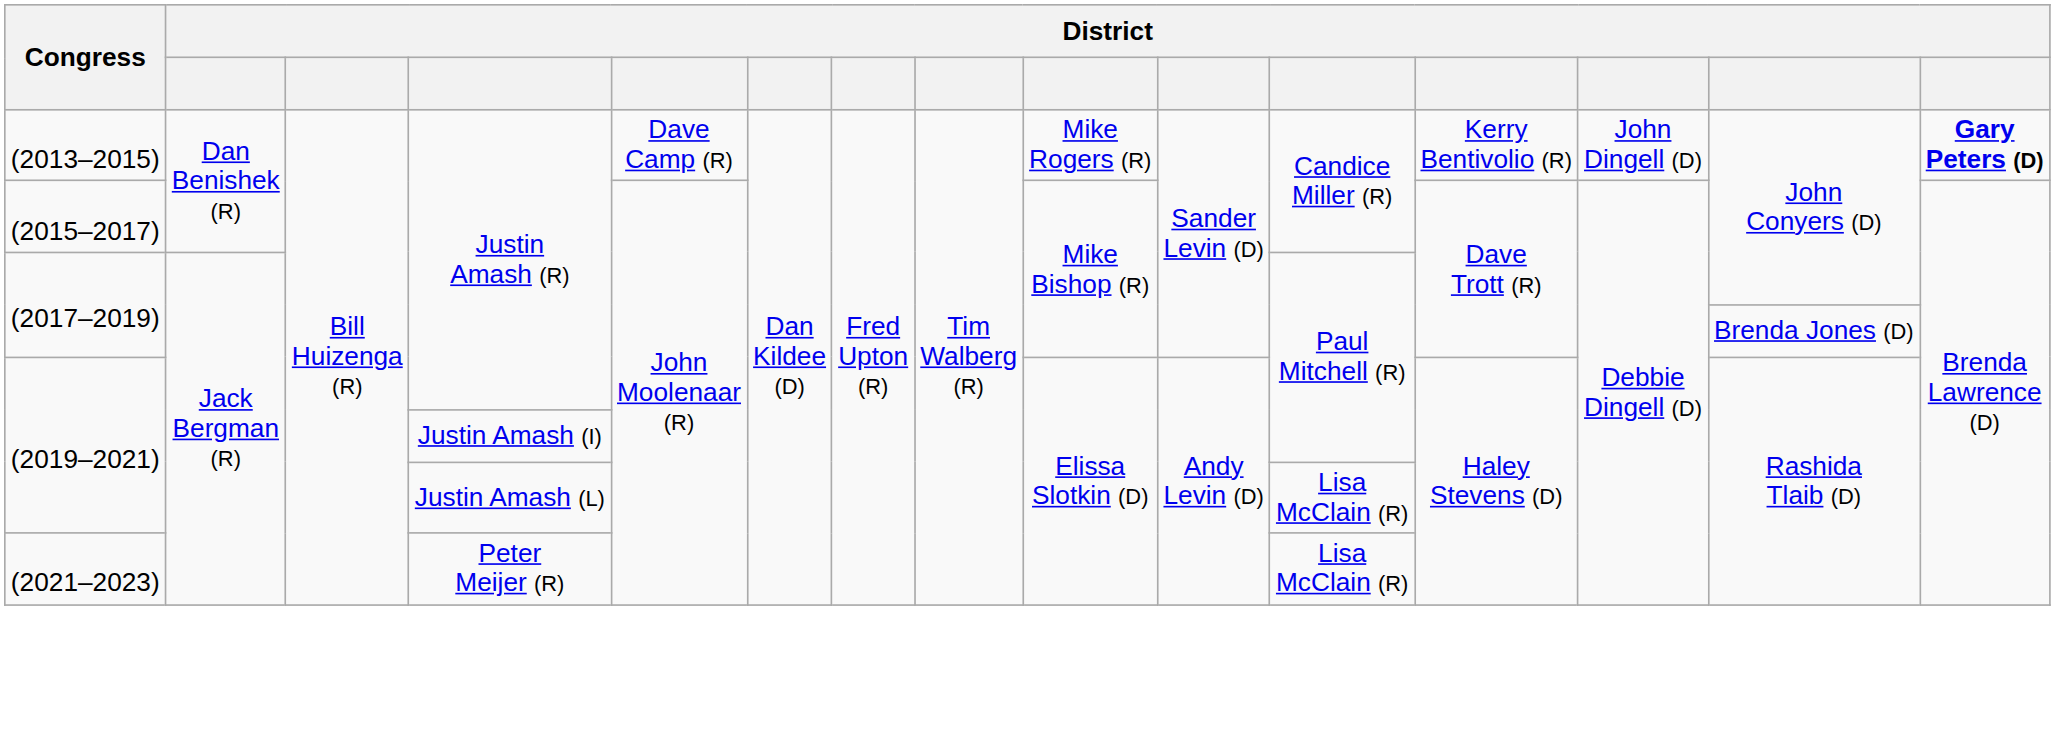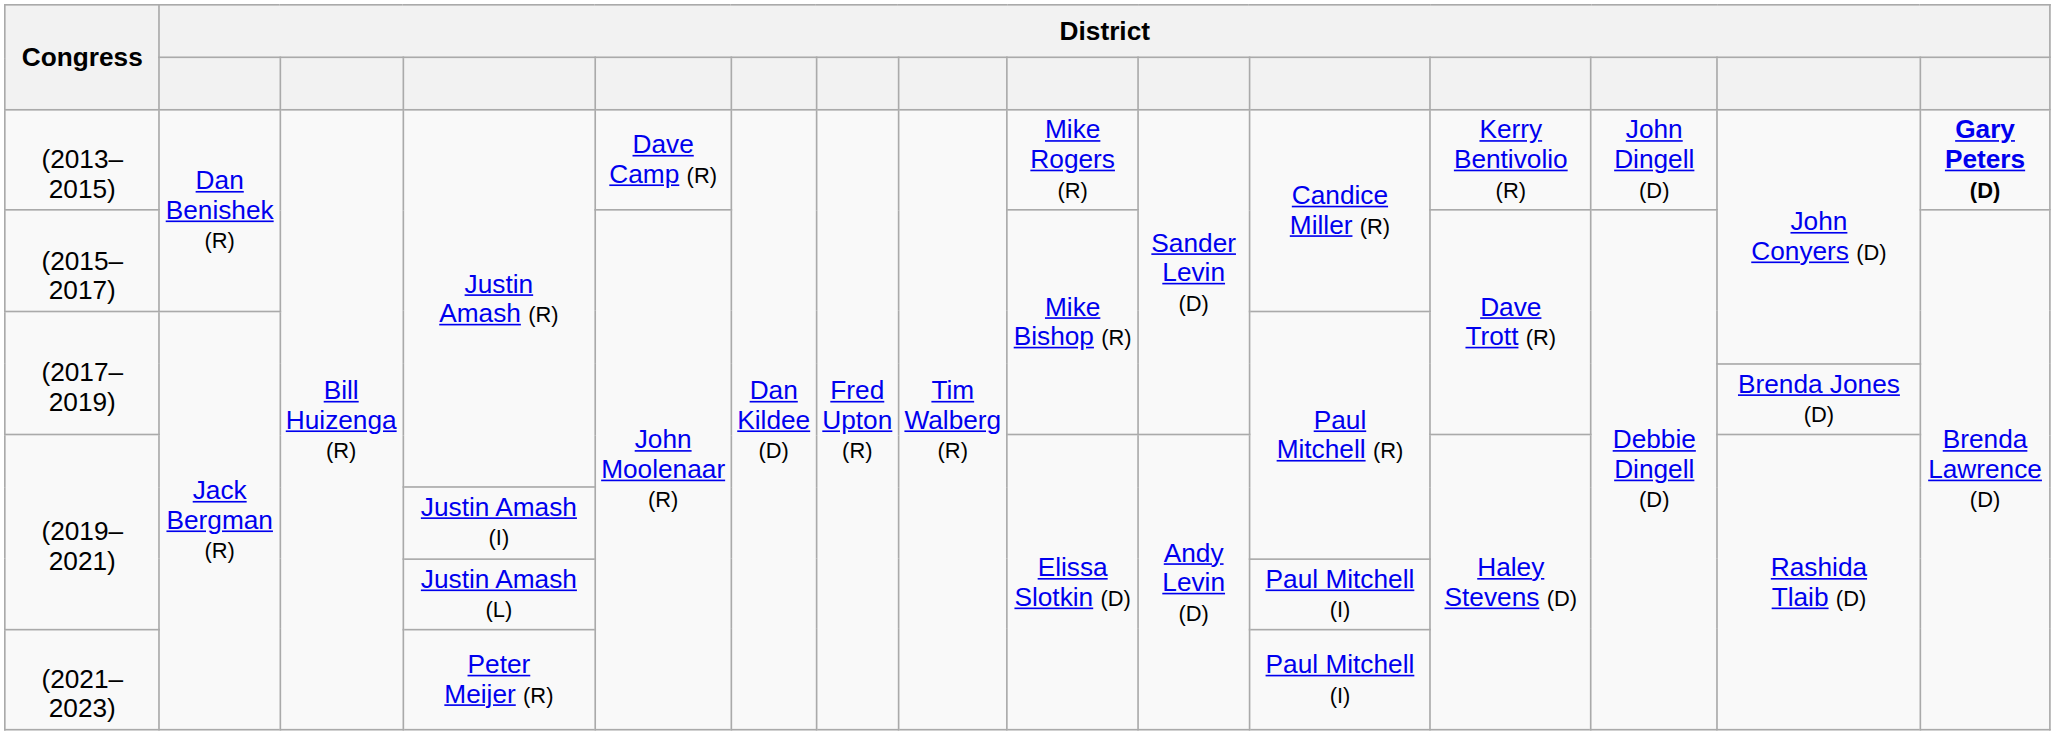 <table class=wikitable style="text-align:center">
 <tr style="height:2em">
 <th rowspan=2>Cong­ress</th>
 <th colspan=14>District</th>
 </tr>
 <tr style="height:2em" valign=bottom>
 <th></th>
 <th></th>
 <th></th>
 <th></th>
 <th></th>
 <th></th>
 <th></th>
 <th></th>
 <th></th>
 <th></th>
 <th></th>
 <th></th>
 <th></th>
 <th></th>
 </tr>
 <tr style="height:2em">
 <td><strong></strong><br>(2013–2015)</td>
 <td rowspan="2" ><a href='#'>Dan<br>Benishek</a><br><small>(R)</small></td>
 <td rowspan="8" ><a href='#'>Bill<br>Huizenga</a><br><small>(R)</small></td>
 <td rowspan="5" ><a href='#'>Justin<br>Amash</a> <small>(R)</small></td>
 <td><a href='#'>Dave<br>Camp</a> <small>(R)</small></td>
 <td rowspan=8 ><a href='#'>Dan<br>Kildee</a><br><small>(D)</small></td>
 <td rowspan="8" ><a href='#'>Fred<br>Upton</a><br><small>(R)</small></td>
 <td rowspan="8" ><a href='#'>Tim<br>Walberg</a><br><small>(R)</small></td>
 <td><a href='#'>Mike<br>Rogers</a> <small>(R)</small></td>
 <td rowspan=4 ><a href='#'>Sander<br>Levin</a> <small>(D)</small></td>
 <td rowspan="2" ><a href='#'>Candice<br>Miller</a> <small>(R)</small></td>
 <td><a href='#'>Kerry<br>Bentivolio</a> <small>(R)</small></td>
 <td><a href='#'>John<br>Dingell</a> <small>(D)</small></td>
 <td rowspan=3 ><a href='#'>John<br>Conyers</a> <small>(D)</small></td>
 <td><strong><a href='#'>Gary<br>Peters</a> <small>(D)</small></strong></td>
 </tr>
 <tr style="height:2em">
 <td><strong></strong><br>(2015–2017)</td>
 <td rowspan=7 ><a href='#'>John<br>Moolenaar</a><br><small>(R)</small></td>
 <td rowspan=3 ><a href='#'>Mike<br>Bishop</a> <small>(R)</small></td>
 <td rowspan=3 ><a href='#'>Dave<br>Trott</a> <small>(R)</small></td>
 <td rowspan=7 ><a href='#'>Debbie<br>Dingell</a> <small>(D)</small></td>
 <td rowspan=7 ><a href='#'>Brenda<br>Lawrence</a><br><small>(D)</small></td>
 </tr>
 <tr style="height:2em">
 <td rowspan=2><strong></strong><br>(2017–2019)</td>
 <td rowspan=6 ><a href='#'>Jack<br>Bergman</a><br><small>(R)</small></td>
 <td rowspan=4 ><a href='#'>Paul<br>Mitchell</a> <small>(R)</small></td>
 </tr>
 <tr style="height:2em">
 <td><a href='#'>Brenda Jones</a> <small>(D)</small></td>
 </tr>
 <tr style="height:2em">
 <td rowspan=3><strong></strong><br>(2019–2021)</td>
 <td rowspan=4 ><a href='#'>Elissa<br>Slotkin</a> <small>(D)</small></td>
 <td rowspan=4 ><a href='#'>Andy<br>Levin</a> <small>(D)</small></td>
 <td rowspan=4 ><a href='#'>Haley<br>Stevens</a> <small>(D)</small></td>
 <td rowspan=4 ><a href='#'>Rashida<br>Tlaib</a> <small>(D)</small></td>
 </tr>
 <tr style="height:2em">
 <td rowspan=1 ><a href='#'>Justin Amash</a> <small>(I)</small></td>
 </tr>
 <tr style="height:2em">
 <td rowspan=1 ><a href='#'>Justin Amash</a> <small>(L)</small></td>
-<td rowspan=1 ><a href='#'>Lisa<br>McClain</a> <small>(R)</small></td>
+<td rowspan=1 ><a href='#'>Paul Mitchell</a> <small>(I)</small></td>
 </tr>
 <tr style="height:2em">
 <td><strong></strong><br>(2021–2023)</td>
 <td rowspan=1 ><a href='#'>Peter<br>Meijer</a> <small>(R)</small></td>
-<td rowspan=1 ><a href='#'>Lisa<br>McClain</a> <small>(R)</small></td>
+<td rowspan=1 ><a href='#'>Paul Mitchell</a> <small>(I)</small></td>
 </tr>
 </table>
